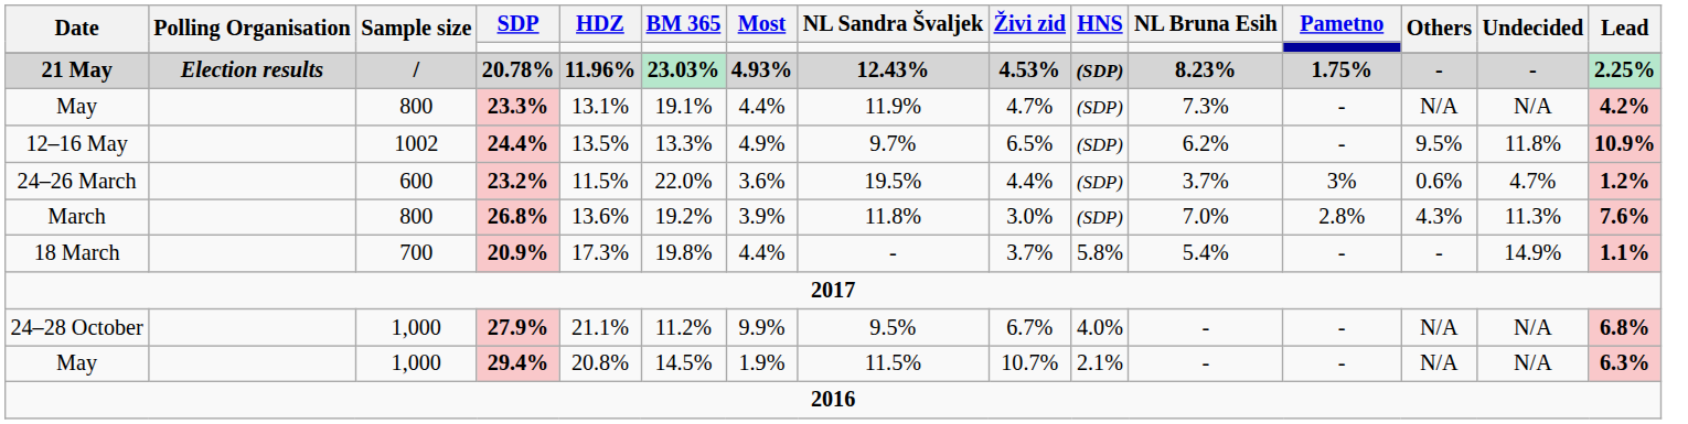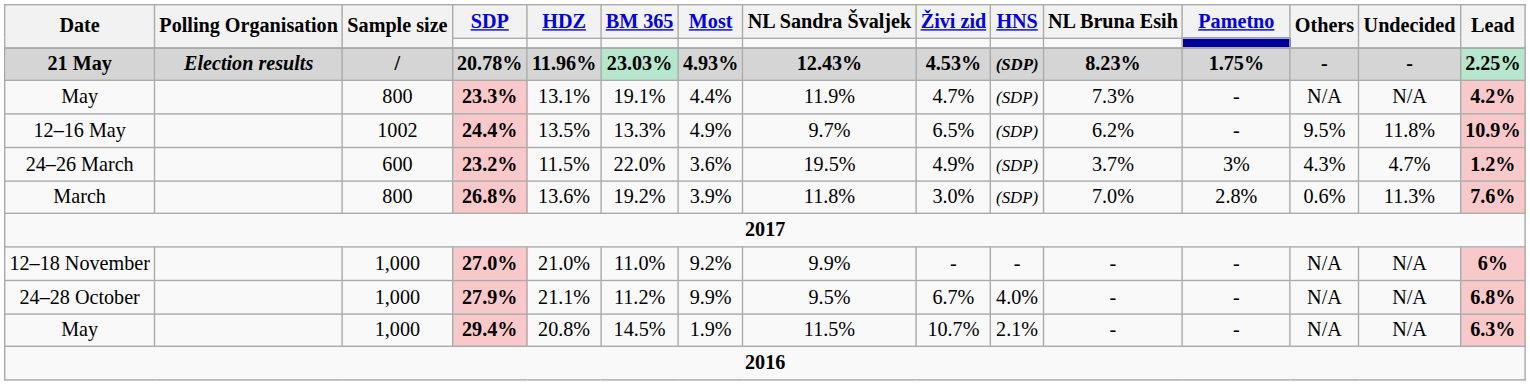 <table class="wikitable" style="text-align:center; font-size:90%;">
 <tr>
 <th rowspan=2>Date</th>
 <th rowspan=2>Polling Organisation</th>
 <th rowspan=2>Sample size</th>
 <th><a href='#'>SDP</a></th>
 <th><a href='#'>HDZ</a></th>
 <th><a href='#'>BM 365</a></th>
 <th><a href='#'>Most</a></th>
 <th>NL Sandra Švaljek</th>
 <th><a href='#'>Živi zid</a></th>
 <th><a href='#'>HNS</a></th>
 <th>NL Bruna Esih</th>
 <th><a href='#'>Pametno</a></th>
 <th style="width:40px;" rowspan="2">Others</th>
 <th style="width:40px;" rowspan="2">Undecided</th>
 <th style="width:40px;" rowspan="2">Lead</th>
 </tr>
 <tr>
 <td style="background: "></td>
 <td style="background: "></td>
 <td style="background: "></td>
 <td style="background: "></td>
 <td style="background: "></td>
 <td style="background: "></td>
 <td style="background: "></td>
 <td style="background: "></td>
 <th style="background-color:#00009a; width:70px;"></th>
 </tr>
 <tr>
 </tr>
 <tr style="background:#D5D5D5; font-weight:bold;">
 <td>21 May</td>
 <td><em>Election results</em></td>
 <td>/</td>
 <td>20.78%</td>
 <td>11.96%</td>
 <td style="background: #b6e7cc"><strong>23.03%</strong></td>
 <td>4.93%</td>
 <td>12.43%</td>
 <td>4.53%</td>
 <td><small><em>(SDP)</em></small></td>
 <td>8.23%</td>
 <td>1.75%</td>
 <td>-</td>
 <td>-</td>
 <td style="background: #b6e7cc"><strong>2.25%</strong></td>
 </tr>
 <tr>
 <td>May</td>
 <td></td>
 <td>800</td>
 <td style="background: #F9C8CA"><strong>23.3%</strong></td>
 <td>13.1%</td>
 <td>19.1%</td>
 <td>4.4%</td>
 <td>11.9%</td>
 <td>4.7%</td>
 <td><small><em>(SDP)</em></small></td>
 <td>7.3%</td>
 <td>-</td>
 <td>N/A</td>
 <td>N/A</td>
 <td style="background: #F9C8CA"><strong>4.2%</strong></td>
 </tr>
 <tr>
 <td>12–16 May</td>
 <td></td>
 <td>1002</td>
 <td style="background: #F9C8CA"><strong>24.4%</strong></td>
 <td>13.5%</td>
 <td>13.3%</td>
 <td>4.9%</td>
 <td>9.7%</td>
 <td>6.5%</td>
 <td><small><em>(SDP)</em></small></td>
 <td>6.2%</td>
 <td>-</td>
 <td>9.5%</td>
 <td>11.8%</td>
 <td style="background: #F9C8CA"><strong>10.9%</strong></td>
 </tr>
 <tr>
 <td>24–26 March</td>
 <td></td>
 <td>600</td>
 <td style="background: #F9C8CA"><strong>23.2%</strong></td>
 <td>11.5%</td>
 <td>22.0%</td>
 <td>3.6%</td>
 <td>19.5%</td>
-<td>4.4%</td>
+<td>4.9%</td>
 <td><small><em>(SDP)</em></small></td>
 <td>3.7%</td>
 <td>3%</td>
-<td>0.6%</td>
+<td>4.3%</td>
 <td>4.7%</td>
 <td style="background: #F9C8CA"><strong>1.2%</strong></td>
 </tr>
 <tr>
 <td>March</td>
 <td></td>
 <td>800</td>
 <td style="background: #F9C8CA"><strong>26.8%</strong></td>
 <td>13.6%</td>
 <td>19.2%</td>
 <td>3.9%</td>
 <td>11.8%</td>
 <td>3.0%</td>
 <td><small><em>(SDP)</em></small></td>
 <td>7.0%</td>
 <td>2.8%</td>
-<td>4.3%</td>
+<td>0.6%</td>
 <td>11.3%</td>
 <td style="background: #F9C8CA"><strong>7.6%</strong></td>
 </tr>
 <tr>
-<td>18 March</td>
+<td colspan="15"><strong>2017</strong></td>
+</tr>
+<tr>
+<td>12–18 November</td>
 <td></td>
-<td>700</td>
-<td style="background: #F9C8CA"><strong>20.9%</strong></td>
-<td>17.3%</td>
-<td>19.8%</td>
-<td>4.4%</td>
-<td>-</td>
-<td>3.7%</td>
-<td>5.8%</td>
-<td>5.4%</td>
+<td>1,000</td>
+<td style="background: #F9C8CA"><strong>27.0%</strong></td>
+<td>21.0%</td>
+<td>11.0%</td>
+<td>9.2%</td>
+<td>9.9%</td>
 <td>-</td>
 <td>-</td>
-<td>14.9%</td>
-<td style="background: #F9C8CA"><strong>1.1%</strong></td>
-</tr>
-<tr>
-<td colspan="15"><strong>2017</strong></td>
+<td>-</td>
+<td>-</td>
+<td>N/A</td>
+<td>N/A</td>
+<td style="background: #F9C8CA"><strong>6%</strong></td>
 </tr>
 <tr>
 <td>24–28 October</td>
 <td></td>
 <td>1,000</td>
 <td style="background: #F9C8CA"><strong>27.9%</strong></td>
 <td>21.1%</td>
 <td>11.2%</td>
 <td>9.9%</td>
 <td>9.5%</td>
 <td>6.7%</td>
 <td>4.0%</td>
 <td>-</td>
 <td>-</td>
 <td>N/A</td>
 <td>N/A</td>
 <td style="background: #F9C8CA"><strong>6.8%</strong></td>
 </tr>
 <tr>
 <td>May</td>
 <td></td>
 <td>1,000</td>
 <td style="background: #F9C8CA"><strong>29.4%</strong></td>
 <td>20.8%</td>
 <td>14.5%</td>
 <td>1.9%</td>
 <td>11.5%</td>
 <td>10.7%</td>
 <td>2.1%</td>
 <td>-</td>
 <td>-</td>
 <td>N/A</td>
 <td>N/A</td>
 <td style="background: #F9C8CA"><strong>6.3%</strong></td>
 </tr>
 <tr>
 <td colspan="15"><strong>2016</strong></td>
 </tr>
 </table>
